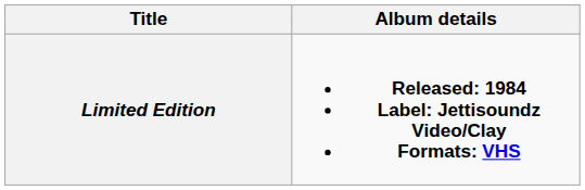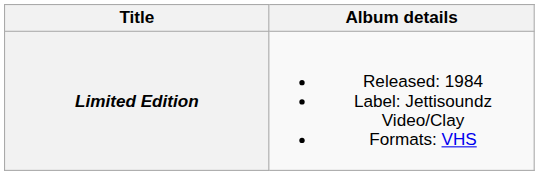 <table class="wikitable plainrowheaders" style="text-align:center;">
 <tr>
 <th scope="col" style="width:15em;">Title</th>
 <th scope="col" style="width:15em;">Album details</th>
 </tr>
 <tr>
 <th scope="row"><em>Limited Edition</em></th>
-<td><strong><br><ul><li>Released: 1984</li><li>Label: Jettisoundz Video/Clay</li><li>Formats: <a href='#'>VHS</a></li></ul></strong></td>
+<td><br><ul><li>Released: 1984</li><li>Label: Jettisoundz Video/Clay</li><li>Formats: <a href='#'>VHS</a></li></ul></td>
 </tr>
 </table>
